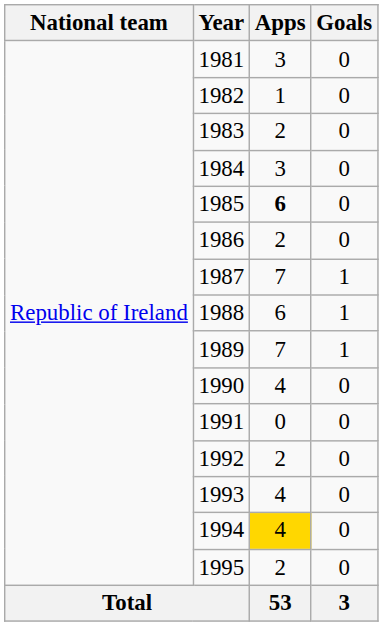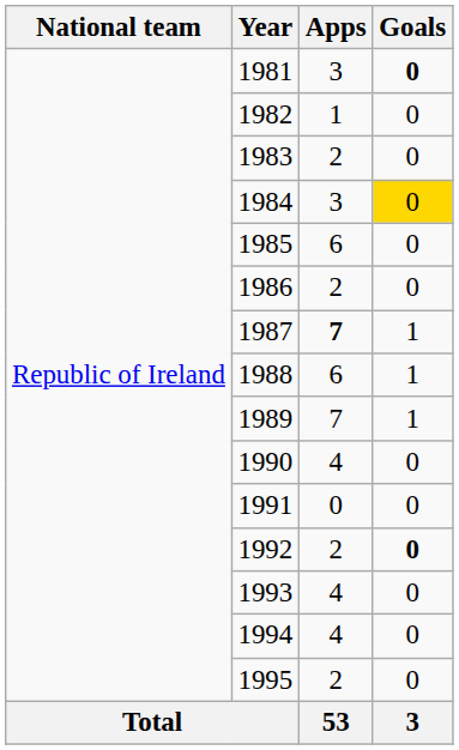 <table class="wikitable" style="text-align:center">
 <tr>
 <th>National team</th>
 <th>Year</th>
 <th>Apps</th>
 <th>Goals</th>
 </tr>
 <tr>
 <td rowspan="15"><a href='#'>Republic of Ireland</a></td>
 <td>1981</td>
 <td>3</td>
-<td>0</td>
+<td><strong>0</strong></td>
 </tr>
 <tr>
 <td>1982</td>
 <td>1</td>
 <td>0</td>
 </tr>
 <tr>
 <td>1983</td>
 <td>2</td>
 <td>0</td>
 </tr>
 <tr>
 <td>1984</td>
 <td>3</td>
-<td>0</td>
+<td style="background: gold;">0</td>
 </tr>
 <tr>
 <td>1985</td>
-<td><strong>6</strong></td>
+<td>6</td>
 <td>0</td>
 </tr>
 <tr>
 <td>1986</td>
 <td>2</td>
 <td>0</td>
 </tr>
 <tr>
 <td>1987</td>
-<td>7</td>
+<td><strong>7</strong></td>
 <td>1</td>
 </tr>
 <tr>
 <td>1988</td>
 <td>6</td>
 <td>1</td>
 </tr>
 <tr>
 <td>1989</td>
 <td>7</td>
 <td>1</td>
 </tr>
 <tr>
 <td>1990</td>
 <td>4</td>
 <td>0</td>
 </tr>
 <tr>
 <td>1991</td>
 <td>0</td>
 <td>0</td>
 </tr>
 <tr>
 <td>1992</td>
 <td>2</td>
-<td>0</td>
+<td><strong>0</strong></td>
 </tr>
 <tr>
 <td>1993</td>
 <td>4</td>
 <td>0</td>
 </tr>
 <tr>
 <td>1994</td>
-<td style="background: gold;">4</td>
+<td>4</td>
 <td>0</td>
 </tr>
 <tr>
 <td>1995</td>
 <td>2</td>
 <td>0</td>
 </tr>
 <tr>
 <th colspan="2">Total</th>
 <th>53</th>
 <th>3</th>
 </tr>
 </table>
